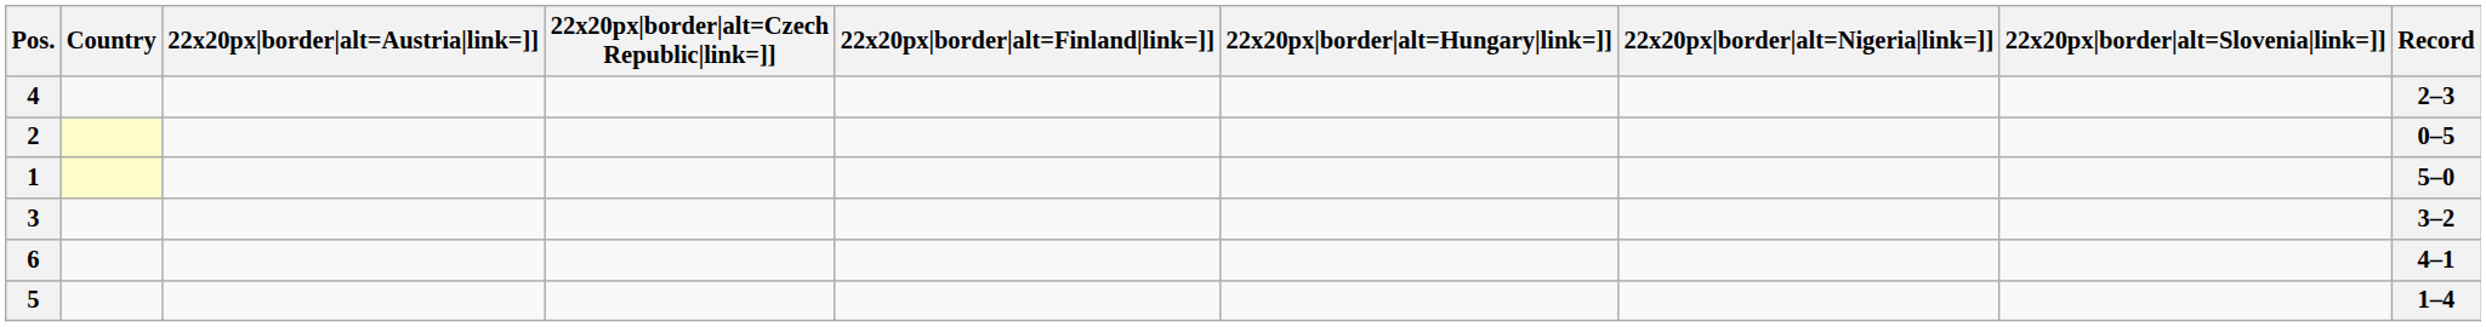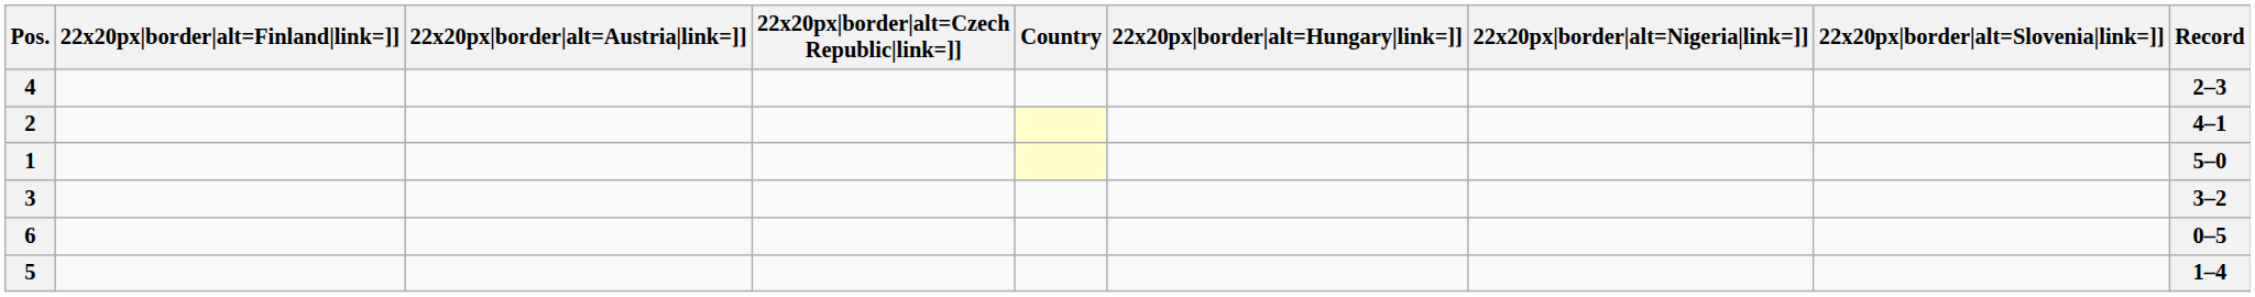 <table class="wikitable sortable nowrap" style="text-align:center; font-size:0.9em">
 <tr>
 <th>Pos.</th>
-<th>Country</th>
+<th [[Image:>22x20px|border|alt=Finland|link=]]</th>
 <th [[Image:>22x20px|border|alt=Austria|link=]]</th>
 <th [[Image:>22x20px|border|alt=Czech Republic|link=]]</th>
-<th [[Image:>22x20px|border|alt=Finland|link=]]</th>
+<th>Country</th>
 <th [[Image:>22x20px|border|alt=Hungary|link=]]</th>
 <th [[Image:>22x20px|border|alt=Nigeria|link=]]</th>
 <th [[Image:>22x20px|border|alt=Slovenia|link=]]</th>
 <th>Record</th>
 </tr>
 <tr>
 <th>4</th>
-<td style="text-align:left;"></td>
 <td> </td>
 <td> </td>
 <td> </td>
+<td style="text-align:left;"></td>
 <td> </td>
 <td> </td>
 <td> </td>
 <th>2–3</th>
 </tr>
 <tr>
 <th>2</th>
+<td> </td>
+<td> </td>
+<td> </td>
 <td style="text-align:left; background:#ffffcc;"></td>
 <td> </td>
 <td> </td>
 <td> </td>
+<th>4–1</th>
+</tr>
+<tr>
+<th>1</th>
 <td> </td>
 <td> </td>
 <td> </td>
-<th>0–5</th>
-</tr>
-<tr>
-<th>1</th>
 <td style="text-align:left; background:#ffffcc;"></td>
-<td> </td>
-<td> </td>
-<td> </td>
 <td> </td>
 <td> </td>
 <td> </td>
 <th>5–0</th>
 </tr>
 <tr>
 <th>3</th>
-<td style="text-align:left;"></td>
 <td> </td>
 <td> </td>
 <td> </td>
+<td style="text-align:left;"></td>
 <td> </td>
 <td> </td>
 <td> </td>
 <th>3–2</th>
 </tr>
 <tr>
 <th>6</th>
+<td> </td>
+<td> </td>
+<td> </td>
 <td style="text-align:left;"></td>
 <td> </td>
 <td> </td>
 <td> </td>
+<th>0–5</th>
+</tr>
+<tr>
+<th>5</th>
 <td> </td>
 <td> </td>
 <td> </td>
-<th>4–1</th>
-</tr>
-<tr>
-<th>5</th>
 <td style="text-align:left;"></td>
-<td> </td>
-<td> </td>
-<td> </td>
 <td> </td>
 <td> </td>
 <td> </td>
 <th>1–4</th>
 </tr>
 </table>
